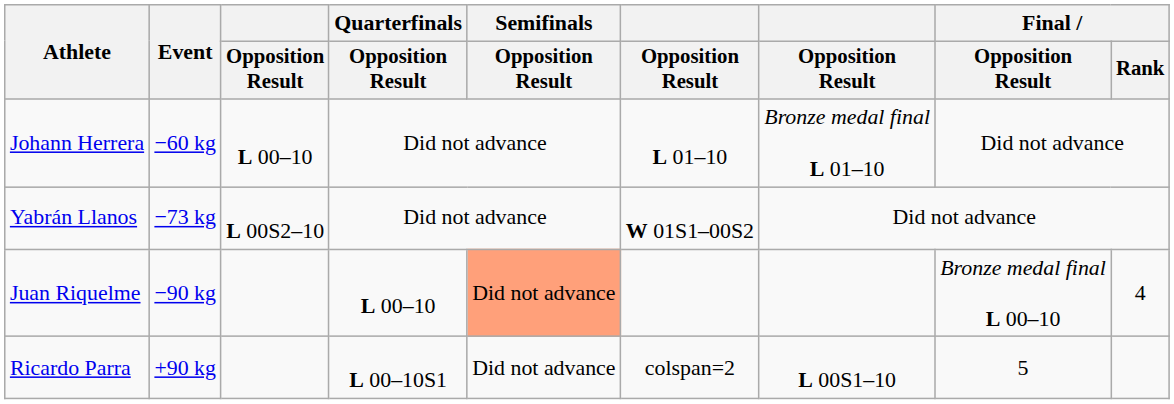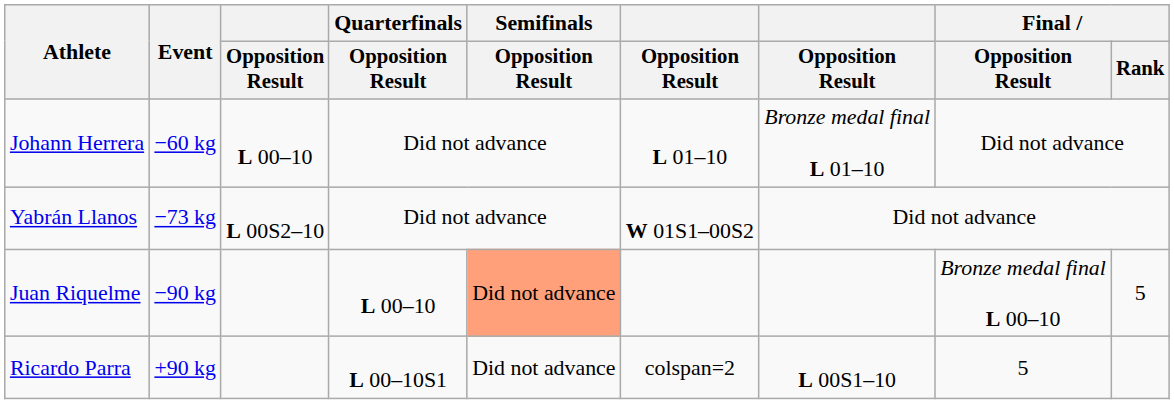 <table class="wikitable" style="font-size:90%">
 <tr>
 <th rowspan="2">Athlete</th>
 <th rowspan="2">Event</th>
 <th></th>
 <th>Quarterfinals</th>
 <th>Semifinals</th>
 <th></th>
 <th></th>
 <th colspan="2">Final / </th>
 </tr>
 <tr style="font-size:95%">
 <th>Opposition<br>Result</th>
 <th>Opposition<br>Result</th>
 <th>Opposition<br>Result</th>
 <th>Opposition<br>Result</th>
 <th>Opposition<br>Result</th>
 <th>Opposition<br>Result</th>
 <th>Rank</th>
 </tr>
 <tr align=center>
 <td align=left><a href='#'>Johann Herrera</a></td>
 <td align=left><a href='#'>−60 kg</a></td>
 <td><br><strong>L</strong> 00–10</td>
 <td colspan=2>Did not advance</td>
 <td><br><strong>L</strong> 01–10</td>
 <td><em>Bronze medal final</em><br><br><strong>L</strong> 01–10</td>
 <td colspan=2>Did not advance</td>
 </tr>
 <tr align=center>
 <td align=left><a href='#'>Yabrán Llanos</a></td>
 <td align=left><a href='#'>−73 kg</a></td>
 <td><br><strong>L</strong> 00S2–10</td>
 <td colspan=2>Did not advance</td>
 <td><br><strong>W</strong> 01S1–00S2</td>
 <td colspan=3>Did not advance</td>
 </tr>
 <tr align=center>
 <td align=left><a href='#'>Juan Riquelme</a></td>
 <td align=left><a href='#'>−90 kg</a></td>
 <td></td>
 <td><br><strong>L</strong> 00–10</td>
 <td style="background: lightsalmon;">Did not advance</td>
 <td></td>
 <td></td>
 <td><em>Bronze medal final</em><br><br><strong>L</strong> 00–10</td>
-<td>4</td>
+<td>5</td>
 </tr>
 <tr align=center>
 <td align=left><a href='#'>Ricardo Parra</a></td>
 <td align=left><a href='#'>+90 kg</a></td>
 <td></td>
 <td><br><strong>L</strong> 00–10S1</td>
 <td>Did not advance</td>
 <td>colspan=2 </td>
 <td><br><strong>L</strong> 00S1–10</td>
 <td>5</td>
 </tr>
 </table>
